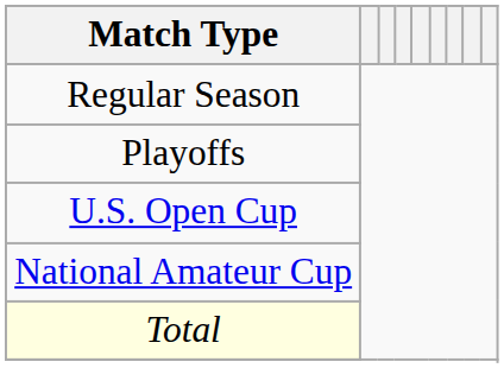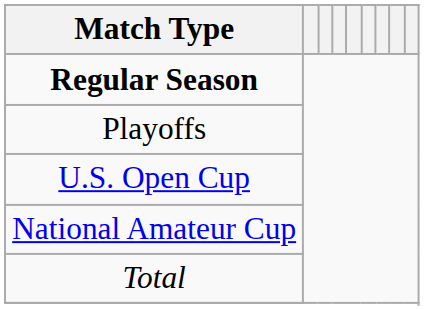 <table class="wikitable" style="text-align:center;">
 <tr>
 <th>Match Type</th>
 <th></th>
 <th></th>
 <th></th>
 <th></th>
 <th></th>
 <th></th>
 <th></th>
 <th></th>
 </tr>
 <tr>
-<td>Regular Season<br></td>
+<td><strong>Regular Season<br></strong></td>
 </tr>
 <tr>
 <td>Playoffs<br></td>
 </tr>
 <tr>
 <td><a href='#'>U.S. Open Cup</a><br></td>
 </tr>
 <tr>
 <td><a href='#'>National Amateur Cup</a><br></td>
 </tr>
 <tr>
-<td style="background: lightyellow;"><em>Total</em><br></td>
+<td><em>Total</em><br></td>
 </tr>
 <tr>
 </tr>
 </table>
